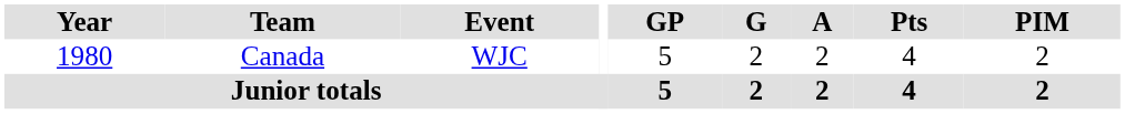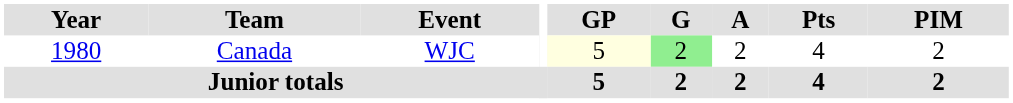 <table border="0" cellpadding="1" cellspacing="0" ID="Table3" style="text-align:center; width:40em">
 <tr bgcolor="#e0e0e0">
 <th>Year</th>
 <th>Team</th>
 <th>Event</th>
 <th rowspan="102" bgcolor="#ffffff"></th>
 <th>GP</th>
 <th>G</th>
 <th>A</th>
 <th>Pts</th>
 <th>PIM</th>
 </tr>
 <tr>
 <td><a href='#'>1980</a></td>
 <td><a href='#'>Canada</a></td>
 <td><a href='#'>WJC</a></td>
-<td>5</td>
-<td>2</td>
+<td style="background: lightyellow;">5</td>
+<td style="background: lightgreen;">2</td>
 <td>2</td>
 <td>4</td>
 <td>2</td>
 </tr>
 <tr bgcolor="#e0e0e0">
 <th colspan="4">Junior totals</th>
 <th>5</th>
 <th>2</th>
 <th>2</th>
 <th>4</th>
 <th>2</th>
 </tr>
 </table>
